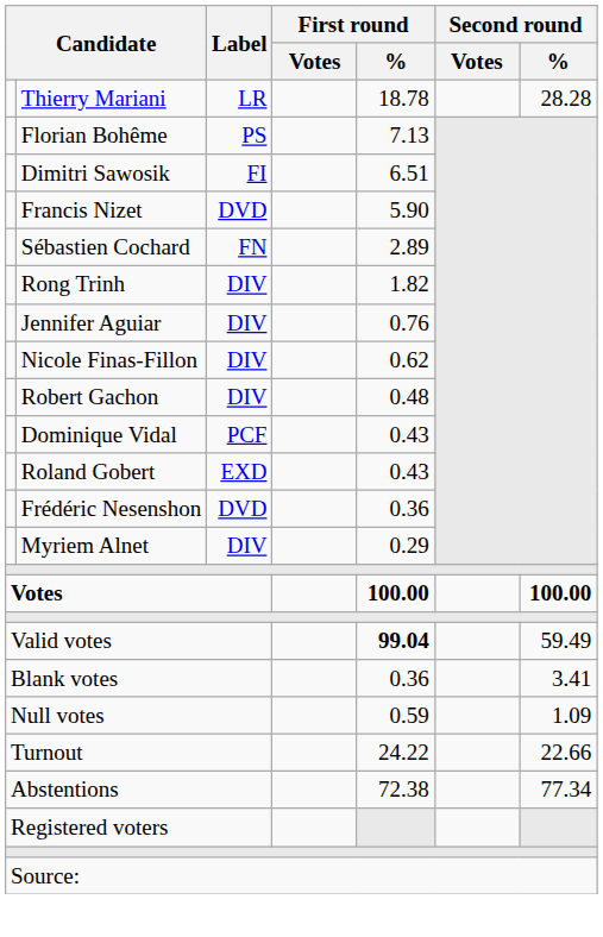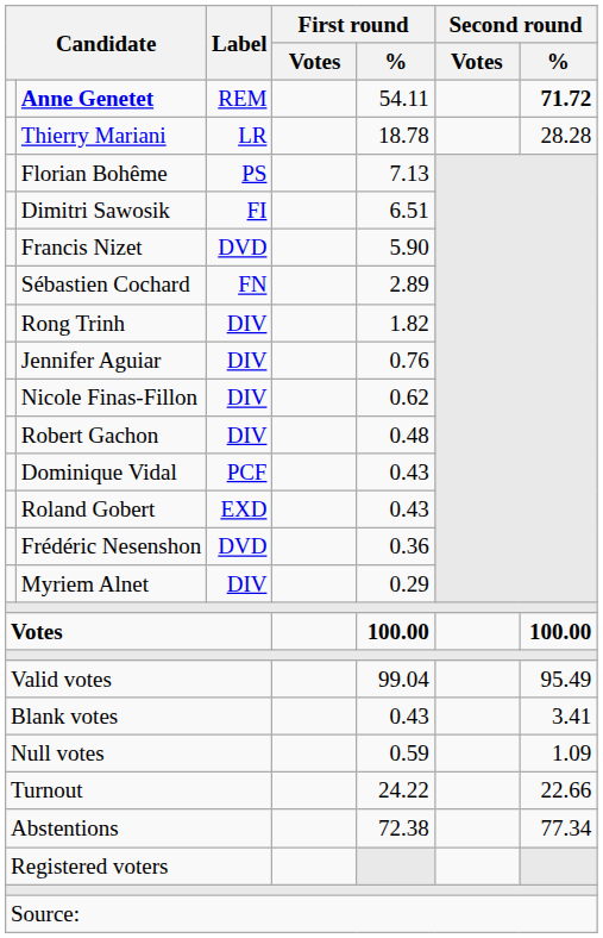 <table class="wikitable" style="text-align:right;font-size:95%;">
 <tr>
 <th rowspan="2" colspan="2">Candidate</th>
 <th rowspan="2">Label</th>
 <th colspan="2">First round</th>
 <th colspan="2">Second round</th>
 </tr>
 <tr>
 <th style="width:50px;">Votes</th>
 <th style="width:45px;">%</th>
 <th style="width:50px;">Votes</th>
 <th style="width:45px;">%</th>
+</tr>
+<tr>
+<td style="color:inherit;background:"></td>
+<td style="text-align:left;"><strong><a href='#'>Anne Genetet</a></strong></td>
+<td><a href='#'>REM</a></td>
+<td></td>
+<td>54.11</td>
+<td><strong></strong></td>
+<td><strong>71.72</strong></td>
 </tr>
 <tr>
 <td style="color:inherit;background:"></td>
 <td style="text-align:left;"><a href='#'>Thierry Mariani</a></td>
 <td><a href='#'>LR</a></td>
 <td></td>
 <td>18.78</td>
 <td></td>
 <td>28.28</td>
 </tr>
 <tr>
 <td style="color:inherit;background:"></td>
 <td style="text-align:left;">Florian Bohême</td>
 <td><a href='#'>PS</a></td>
 <td></td>
 <td>7.13</td>
 <td colspan="2" rowspan="12" style="background:#E9E9E9;"></td>
 </tr>
 <tr>
 <td style="color:inherit;background:"></td>
 <td style="text-align:left;">Dimitri Sawosik</td>
 <td><a href='#'>FI</a></td>
 <td></td>
 <td>6.51</td>
 </tr>
 <tr>
 <td style="color:inherit;background:"></td>
 <td style="text-align:left;">Francis Nizet</td>
 <td><a href='#'>DVD</a></td>
 <td></td>
 <td>5.90</td>
 </tr>
 <tr>
 <td style="color:inherit;background:"></td>
 <td style="text-align:left;">Sébastien Cochard</td>
 <td><a href='#'>FN</a></td>
 <td></td>
 <td>2.89</td>
 </tr>
 <tr>
 <td style="color:inherit;background:"></td>
 <td style="text-align:left;">Rong Trinh</td>
 <td><a href='#'>DIV</a></td>
 <td></td>
 <td>1.82</td>
 </tr>
 <tr>
 <td style="color:inherit;background:"></td>
 <td style="text-align:left;">Jennifer Aguiar</td>
 <td><a href='#'>DIV</a></td>
 <td></td>
 <td>0.76</td>
 </tr>
 <tr>
 <td style="color:inherit;background:"></td>
 <td style="text-align:left;">Nicole Finas-Fillon</td>
 <td><a href='#'>DIV</a></td>
 <td></td>
 <td>0.62</td>
 </tr>
 <tr>
 <td style="color:inherit;background:"></td>
 <td style="text-align:left;">Robert Gachon</td>
 <td><a href='#'>DIV</a></td>
 <td></td>
 <td>0.48</td>
 </tr>
 <tr>
 <td style="color:inherit;background:"></td>
 <td style="text-align:left;">Dominique Vidal</td>
 <td><a href='#'>PCF</a></td>
 <td></td>
 <td>0.43</td>
 </tr>
 <tr>
 <td style="color:inherit;background:"></td>
 <td style="text-align:left;">Roland Gobert</td>
 <td><a href='#'>EXD</a></td>
 <td></td>
 <td>0.43</td>
 </tr>
 <tr>
 <td style="color:inherit;background:"></td>
 <td style="text-align:left;">Frédéric Nesenshon</td>
 <td><a href='#'>DVD</a></td>
 <td></td>
 <td>0.36</td>
 </tr>
 <tr>
 <td style="color:inherit;background:"></td>
 <td style="text-align:left;">Myriem Alnet</td>
 <td><a href='#'>DIV</a></td>
 <td></td>
 <td>0.29</td>
 </tr>
 <tr>
 <td colspan="7" style="background:#E9E9E9;"></td>
 </tr>
 <tr style="font-weight:bold;">
 <td colspan="3" style="text-align:left;">Votes</td>
 <td></td>
 <td>100.00</td>
 <td></td>
 <td>100.00</td>
 </tr>
 <tr>
 <td colspan="7" style="background:#E9E9E9;"></td>
 </tr>
 <tr>
 <td colspan="3" style="text-align:left;">Valid votes</td>
 <td></td>
-<td><strong>99.04</strong></td>
+<td>99.04</td>
 <td></td>
-<td>59.49</td>
+<td>95.49</td>
 </tr>
 <tr>
 <td colspan="3" style="text-align:left;">Blank votes</td>
 <td></td>
-<td>0.36</td>
+<td>0.43</td>
 <td></td>
 <td>3.41</td>
 </tr>
 <tr>
 <td colspan="3" style="text-align:left;">Null votes</td>
 <td></td>
 <td>0.59</td>
 <td></td>
 <td>1.09</td>
 </tr>
 <tr>
 <td colspan="3" style="text-align:left;">Turnout</td>
 <td></td>
 <td>24.22</td>
 <td></td>
 <td>22.66</td>
 </tr>
 <tr>
 <td colspan="3" style="text-align:left;">Abstentions</td>
 <td></td>
 <td>72.38</td>
 <td></td>
 <td>77.34</td>
 </tr>
 <tr>
 <td colspan="3" style="text-align:left;">Registered voters</td>
 <td></td>
 <td style="background:#E9E9E9;"></td>
 <td></td>
 <td style="background:#E9E9E9;"></td>
 </tr>
 <tr>
 <td colspan="7" style="background:#E9E9E9;"></td>
 </tr>
 <tr>
 <td colspan="7" style="text-align:left;">Source: </td>
 </tr>
 </table>
